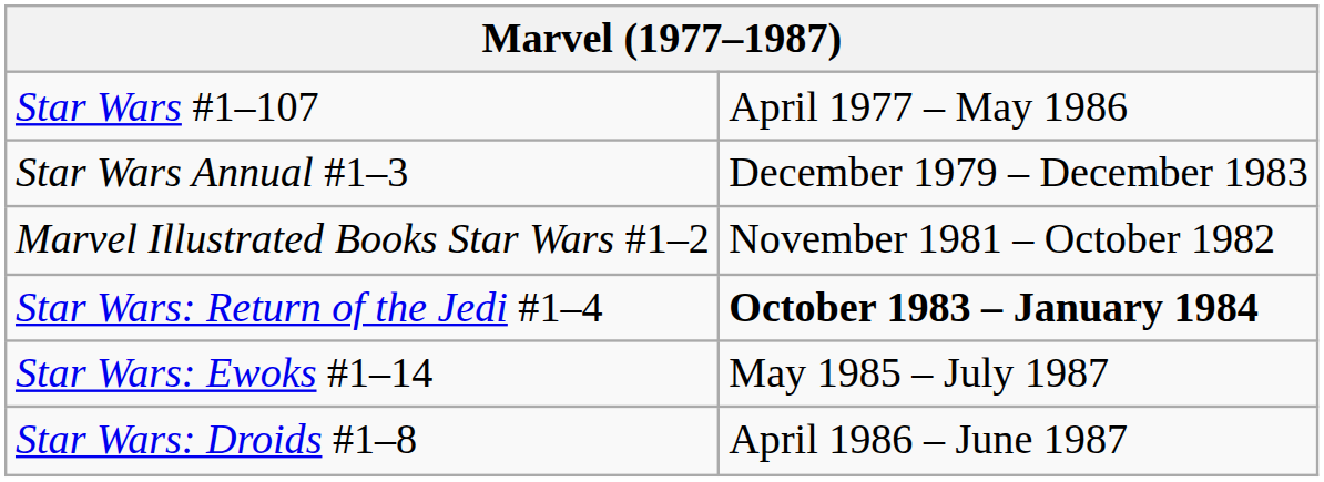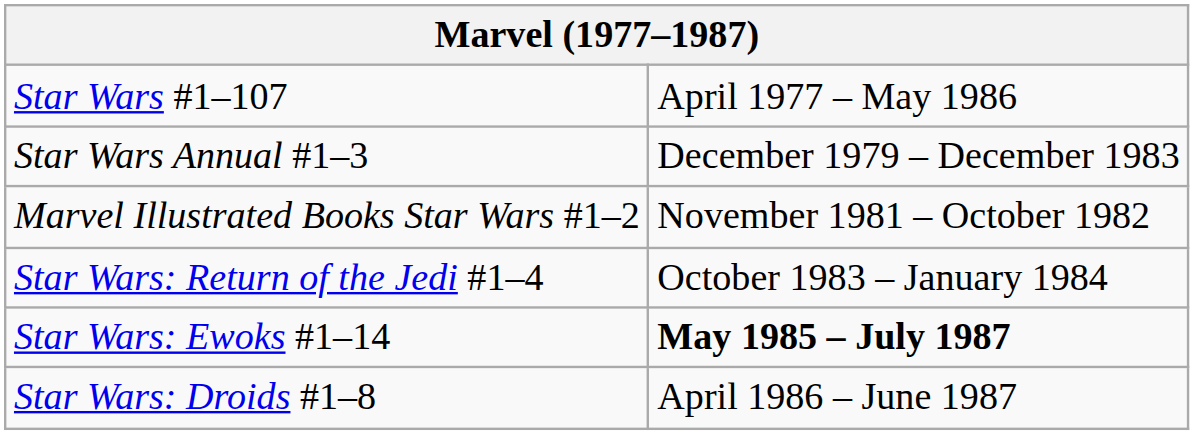 <table class="wikitable">
 <tr>
 <th colspan="2">Marvel (1977–1987)</th>
 </tr>
 <tr>
 <td><em><a href='#'>Star Wars</a></em> #1–107</td>
 <td>April 1977 – May 1986</td>
 </tr>
 <tr>
 <td><em>Star Wars Annual</em> #1–3</td>
 <td>December 1979 – December 1983</td>
 </tr>
 <tr>
 <td><em>Marvel Illustrated Books Star Wars</em> #1–2</td>
 <td>November 1981 – October 1982</td>
 </tr>
 <tr>
 <td><em><a href='#'>Star Wars: Return of the Jedi</a></em> #1–4</td>
-<td><strong>October 1983 – January 1984</strong></td>
+<td>October 1983 – January 1984</td>
 </tr>
 <tr>
 <td><em><a href='#'>Star Wars: Ewoks</a></em> #1–14</td>
-<td>May 1985 – July 1987</td>
+<td><strong>May 1985 – July 1987</strong></td>
 </tr>
 <tr>
 <td><em><a href='#'>Star Wars: Droids</a></em> #1–8</td>
 <td>April 1986 – June 1987</td>
 </tr>
 </table>
